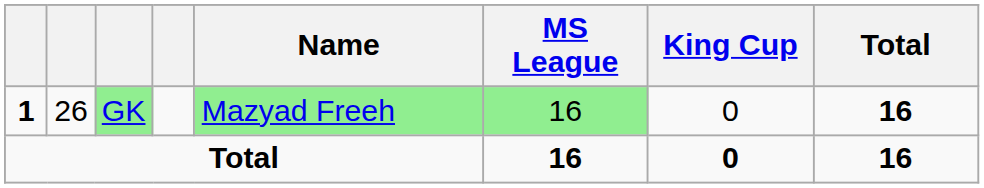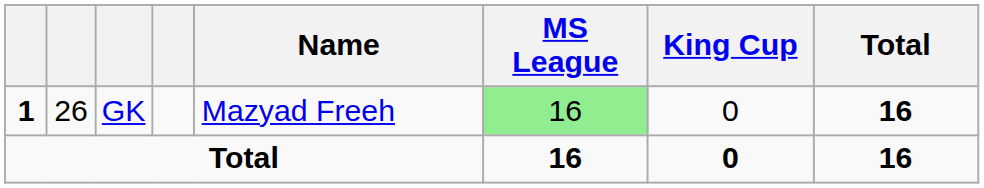 <table class="wikitable" style="text-align:center">
 <tr>
 <th width=15></th>
 <th width=15></th>
 <th width=15></th>
 <th width=15></th>
 <th width=145>Name</th>
 <th width=80><a href='#'>MS League</a></th>
 <th width=80><a href='#'>King Cup</a></th>
 <th width=80>Total</th>
 </tr>
 <tr>
 <td><strong>1</strong></td>
 <td>26</td>
-<td style="background: lightgreen;"><a href='#'>GK</a></td>
+<td><a href='#'>GK</a></td>
 <td></td>
-<td align=left style="background: lightgreen;"><a href='#'>Mazyad Freeh</a></td>
+<td align=left><a href='#'>Mazyad Freeh</a></td>
 <td style="background: lightgreen;">16</td>
 <td>0</td>
 <td><strong>16</strong></td>
 </tr>
 <tr>
 <td colspan=5><strong>Total</strong></td>
 <td><strong>16</strong></td>
 <td><strong>0</strong></td>
 <td><strong>16</strong></td>
 </tr>
 </table>
